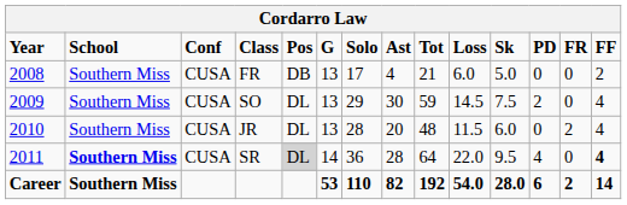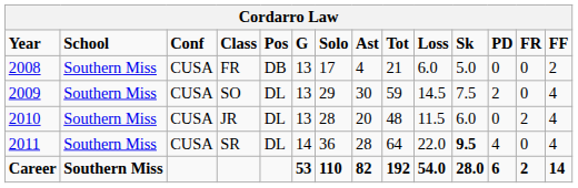 <table class="wikitable">
 <tr>
 <th colspan="14" style="text-align: center; font-weight:bold;">Cordarro Law</th>
 </tr>
 <tr>
 <td style="font-weight:bold;">Year</td>
 <td style="font-weight:bold;">School</td>
 <td style="font-weight:bold;">Conf</td>
 <td style="font-weight:bold;">Class</td>
 <td style="font-weight:bold;">Pos</td>
 <td style="font-weight:bold;">G</td>
 <td style="font-weight:bold;">Solo</td>
 <td style="font-weight:bold;">Ast</td>
 <td style="font-weight:bold;">Tot</td>
 <td style="font-weight:bold;">Loss</td>
 <td style="font-weight:bold;">Sk</td>
 <td style="font-weight:bold;">PD</td>
 <td style="font-weight:bold;">FR</td>
 <td style="font-weight:bold;">FF</td>
 </tr>
 <tr>
 <td><a href='#'>2008</a></td>
 <td><a href='#'>Southern Miss</a></td>
 <td>CUSA</td>
 <td>FR</td>
 <td>DB</td>
 <td>13</td>
 <td>17</td>
 <td>4</td>
 <td>21</td>
 <td>6.0</td>
 <td>5.0</td>
 <td>0</td>
 <td>0</td>
 <td>2</td>
 </tr>
 <tr>
 <td><a href='#'>2009</a></td>
 <td><a href='#'>Southern Miss</a></td>
 <td>CUSA</td>
 <td>SO</td>
 <td>DL</td>
 <td>13</td>
 <td>29</td>
 <td>30</td>
 <td>59</td>
 <td>14.5</td>
 <td>7.5</td>
 <td>2</td>
 <td>0</td>
 <td>4</td>
 </tr>
 <tr>
 <td><a href='#'>2010</a></td>
 <td><a href='#'>Southern Miss</a></td>
 <td>CUSA</td>
 <td>JR</td>
 <td>DL</td>
 <td>13</td>
 <td>28</td>
 <td>20</td>
 <td>48</td>
 <td>11.5</td>
 <td>6.0</td>
 <td>0</td>
 <td>2</td>
 <td>4</td>
 </tr>
 <tr>
 <td><a href='#'>2011</a></td>
-<td><strong><a href='#'>Southern Miss</a></strong></td>
+<td><a href='#'>Southern Miss</a></td>
 <td>CUSA</td>
 <td>SR</td>
-<td style="background: lightgrey;">DL</td>
+<td>DL</td>
 <td>14</td>
 <td>36</td>
 <td>28</td>
 <td>64</td>
 <td>22.0</td>
-<td>9.5</td>
+<td><strong>9.5</strong></td>
 <td>4</td>
 <td>0</td>
-<td><strong>4</strong></td>
+<td>4</td>
 </tr>
 <tr>
 <td style="font-weight:bold;">Career</td>
 <td style="font-weight:bold;">Southern Miss</td>
 <td style="font-weight:bold;"></td>
 <td style="font-weight:bold;"></td>
 <td style="font-weight:bold;"></td>
 <td style="font-weight:bold;">53</td>
 <td style="font-weight:bold;">110</td>
 <td style="font-weight:bold;">82</td>
 <td style="font-weight:bold;">192</td>
 <td style="font-weight:bold;">54.0</td>
 <td style="font-weight:bold;">28.0</td>
 <td style="font-weight:bold;">6</td>
 <td style="font-weight:bold;">2</td>
 <td style="font-weight:bold;">14</td>
 </tr>
 </table>
